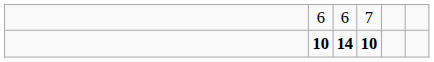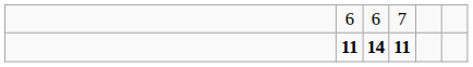 <table class="wikitable">
 <tr>
 <td style="width:18em"></td>
 <td align=center style="width:1em">6</td>
 <td align=center style="width:1em">6</td>
 <td align=center style="width:1em">7</td>
 <td align=center style="width:1em"></td>
 <td align=center style="width:1em"></td>
 </tr>
 <tr>
 <td style="width:18em"><strong></strong></td>
-<td align=center style="width:1em"><strong>10</strong></td>
+<td align=center style="width:1em"><strong>11</strong></td>
 <td align=center style="width:1em"><strong>14</strong></td>
-<td align=center style="width:1em"><strong>10</strong></td>
+<td align=center style="width:1em"><strong>11</strong></td>
 <td align=center style="width:1em"></td>
 <td align=center style="width:1em"></td>
 </tr>
 </table>
